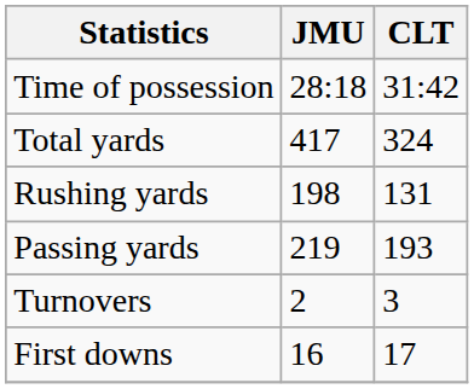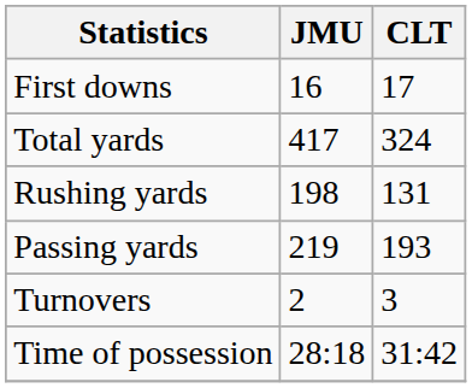 <table class="wikitable" style="float: left;">
 <tr>
 <th>Statistics</th>
 <th>JMU</th>
 <th>CLT</th>
 </tr>
 <tr>
-<td>Time of possession</td>
-<td>28:18</td>
-<td>31:42</td>
+<td>First downs</td>
+<td>16</td>
+<td>17</td>
 </tr>
 <tr>
 <td>Total yards</td>
 <td>417</td>
 <td>324</td>
 </tr>
 <tr>
 <td>Rushing yards</td>
 <td>198</td>
 <td>131</td>
 </tr>
 <tr>
 <td>Passing yards</td>
 <td>219</td>
 <td>193</td>
 </tr>
 <tr>
 <td>Turnovers</td>
 <td>2</td>
 <td>3</td>
 </tr>
 <tr>
-<td>First downs</td>
-<td>16</td>
-<td>17</td>
+<td>Time of possession</td>
+<td>28:18</td>
+<td>31:42</td>
 </tr>
 <tr>
 </tr>
 </table>
